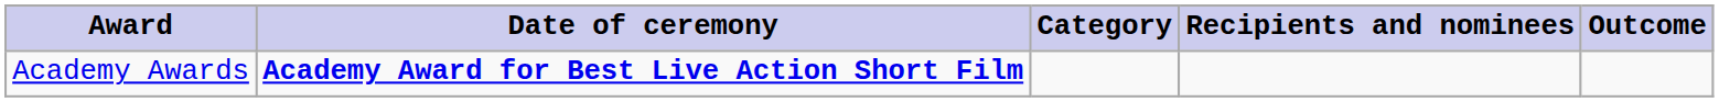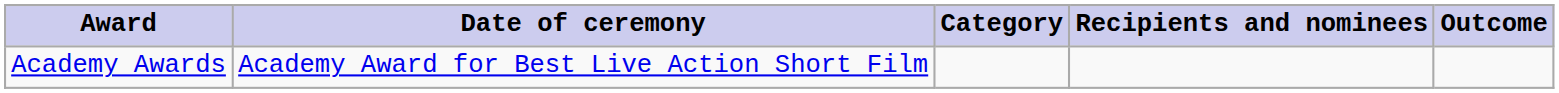 <table class="wikitable" style="font-size: 95%;">
 <tr align="center">
 <th style="background:#CCCCEE;">Award</th>
 <th style="background:#CCCCEE;">Date of ceremony</th>
 <th style="background:#CCCCEE;">Category</th>
 <th style="background:#CCCCEE;">Recipients and nominees</th>
 <th style="background:#CCCCEE;">Outcome</th>
 </tr>
 <tr>
 <td rowspan="6"><a href='#'>Academy Awards</a></td>
-<td><strong><a href='#'>Academy Award for Best Live Action Short Film</a></strong></td>
+<td><a href='#'>Academy Award for Best Live Action Short Film</a></td>
 <td></td>
 <td></td>
 </tr>
 </table>
